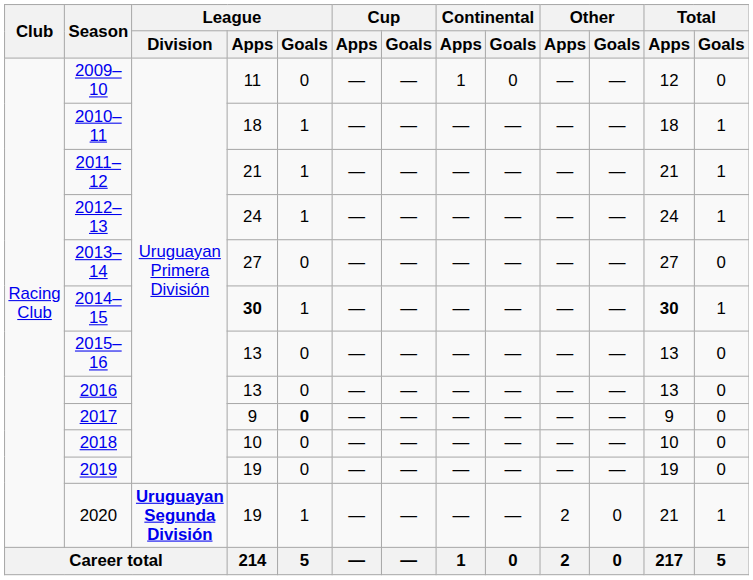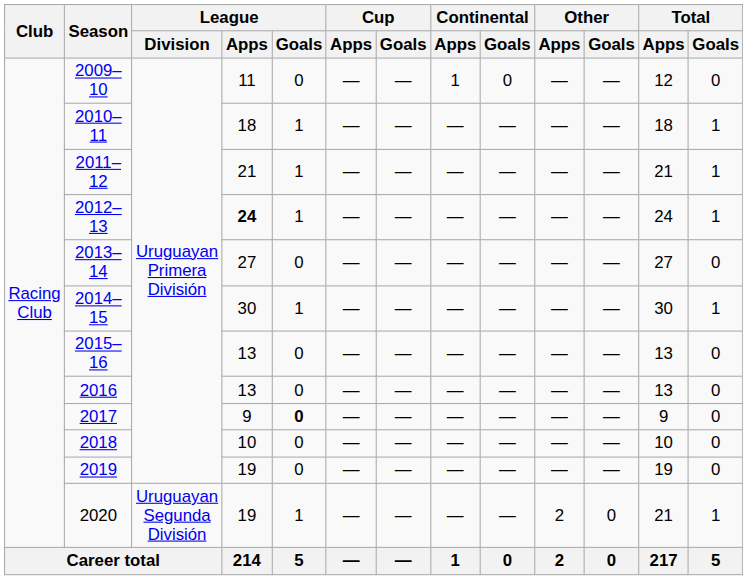 <table class=wikitable style=text-align:center>
 <tr>
 <th rowspan=2>Club</th>
 <th rowspan=2>Season</th>
 <th colspan=3>League</th>
 <th colspan=2>Cup</th>
 <th colspan=2>Continental</th>
 <th colspan=2>Other</th>
 <th colspan=2>Total</th>
 </tr>
 <tr>
 <th>Division</th>
 <th>Apps</th>
 <th>Goals</th>
 <th>Apps</th>
 <th>Goals</th>
 <th>Apps</th>
 <th>Goals</th>
 <th>Apps</th>
 <th>Goals</th>
 <th>Apps</th>
 <th>Goals</th>
 </tr>
 <tr>
 <td rowspan=12><a href='#'>Racing Club</a></td>
 <td><a href='#'>2009–10</a></td>
 <td rowspan=11><a href='#'>Uruguayan Primera División</a></td>
 <td>11</td>
 <td>0</td>
 <td>—</td>
 <td>—</td>
 <td>1</td>
 <td>0</td>
 <td>—</td>
 <td>—</td>
 <td>12</td>
 <td>0</td>
 </tr>
 <tr>
 <td><a href='#'>2010–11</a></td>
 <td>18</td>
 <td>1</td>
 <td>—</td>
 <td>—</td>
 <td>—</td>
 <td>—</td>
 <td>—</td>
 <td>—</td>
 <td>18</td>
 <td>1</td>
 </tr>
 <tr>
 <td><a href='#'>2011–12</a></td>
 <td>21</td>
 <td>1</td>
 <td>—</td>
 <td>—</td>
 <td>—</td>
 <td>—</td>
 <td>—</td>
 <td>—</td>
 <td>21</td>
 <td>1</td>
 </tr>
 <tr>
 <td><a href='#'>2012–13</a></td>
-<td>24</td>
+<td><strong>24</strong></td>
 <td>1</td>
 <td>—</td>
 <td>—</td>
 <td>—</td>
 <td>—</td>
 <td>—</td>
 <td>—</td>
 <td>24</td>
 <td>1</td>
 </tr>
 <tr>
 <td><a href='#'>2013–14</a></td>
 <td>27</td>
 <td>0</td>
 <td>—</td>
 <td>—</td>
 <td>—</td>
 <td>—</td>
 <td>—</td>
 <td>—</td>
 <td>27</td>
 <td>0</td>
 </tr>
 <tr>
 <td><a href='#'>2014–15</a></td>
-<td><strong>30</strong></td>
+<td>30</td>
 <td>1</td>
 <td>—</td>
 <td>—</td>
 <td>—</td>
 <td>—</td>
 <td>—</td>
 <td>—</td>
-<td><strong>30</strong></td>
+<td>30</td>
 <td>1</td>
 </tr>
 <tr>
 <td><a href='#'>2015–16</a></td>
 <td>13</td>
 <td>0</td>
 <td>—</td>
 <td>—</td>
 <td>—</td>
 <td>—</td>
 <td>—</td>
 <td>—</td>
 <td>13</td>
 <td>0</td>
 </tr>
 <tr>
 <td><a href='#'>2016</a></td>
 <td>13</td>
 <td>0</td>
 <td>—</td>
 <td>—</td>
 <td>—</td>
 <td>—</td>
 <td>—</td>
 <td>—</td>
 <td>13</td>
 <td>0</td>
 </tr>
 <tr>
 <td><a href='#'>2017</a></td>
 <td>9</td>
 <td><strong>0</strong></td>
 <td>—</td>
 <td>—</td>
 <td>—</td>
 <td>—</td>
 <td>—</td>
 <td>—</td>
 <td>9</td>
 <td>0</td>
 </tr>
 <tr>
 <td><a href='#'>2018</a></td>
 <td>10</td>
 <td>0</td>
 <td>—</td>
 <td>—</td>
 <td>—</td>
 <td>—</td>
 <td>—</td>
 <td>—</td>
 <td>10</td>
 <td>0</td>
 </tr>
 <tr>
 <td><a href='#'>2019</a></td>
 <td>19</td>
 <td>0</td>
 <td>—</td>
 <td>—</td>
 <td>—</td>
 <td>—</td>
 <td>—</td>
 <td>—</td>
 <td>19</td>
 <td>0</td>
 </tr>
 <tr>
 <td>2020</td>
-<td><strong><a href='#'>Uruguayan Segunda División</a></strong></td>
+<td><a href='#'>Uruguayan Segunda División</a></td>
 <td>19</td>
 <td>1</td>
 <td>—</td>
 <td>—</td>
 <td>—</td>
 <td>—</td>
 <td>2</td>
 <td>0</td>
 <td>21</td>
 <td>1</td>
 </tr>
 <tr>
 <th colspan=3>Career total</th>
 <th>214</th>
 <th>5</th>
 <th>—</th>
 <th>—</th>
 <th>1</th>
 <th>0</th>
 <th>2</th>
 <th>0</th>
 <th>217</th>
 <th>5</th>
 </tr>
 </table>
